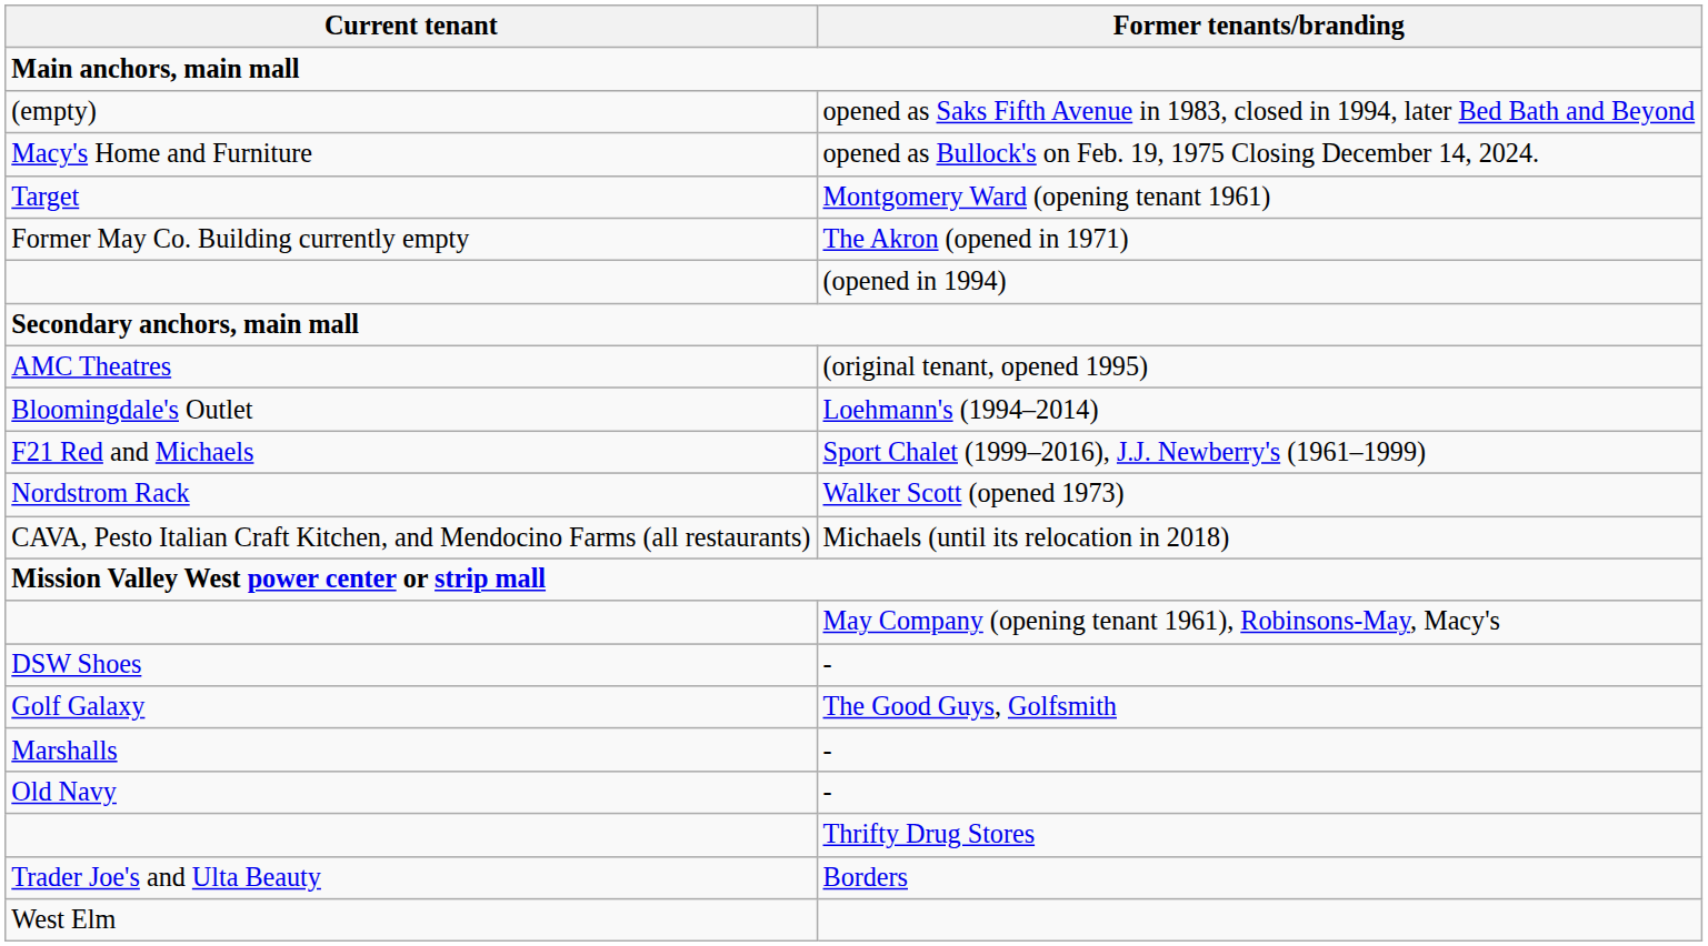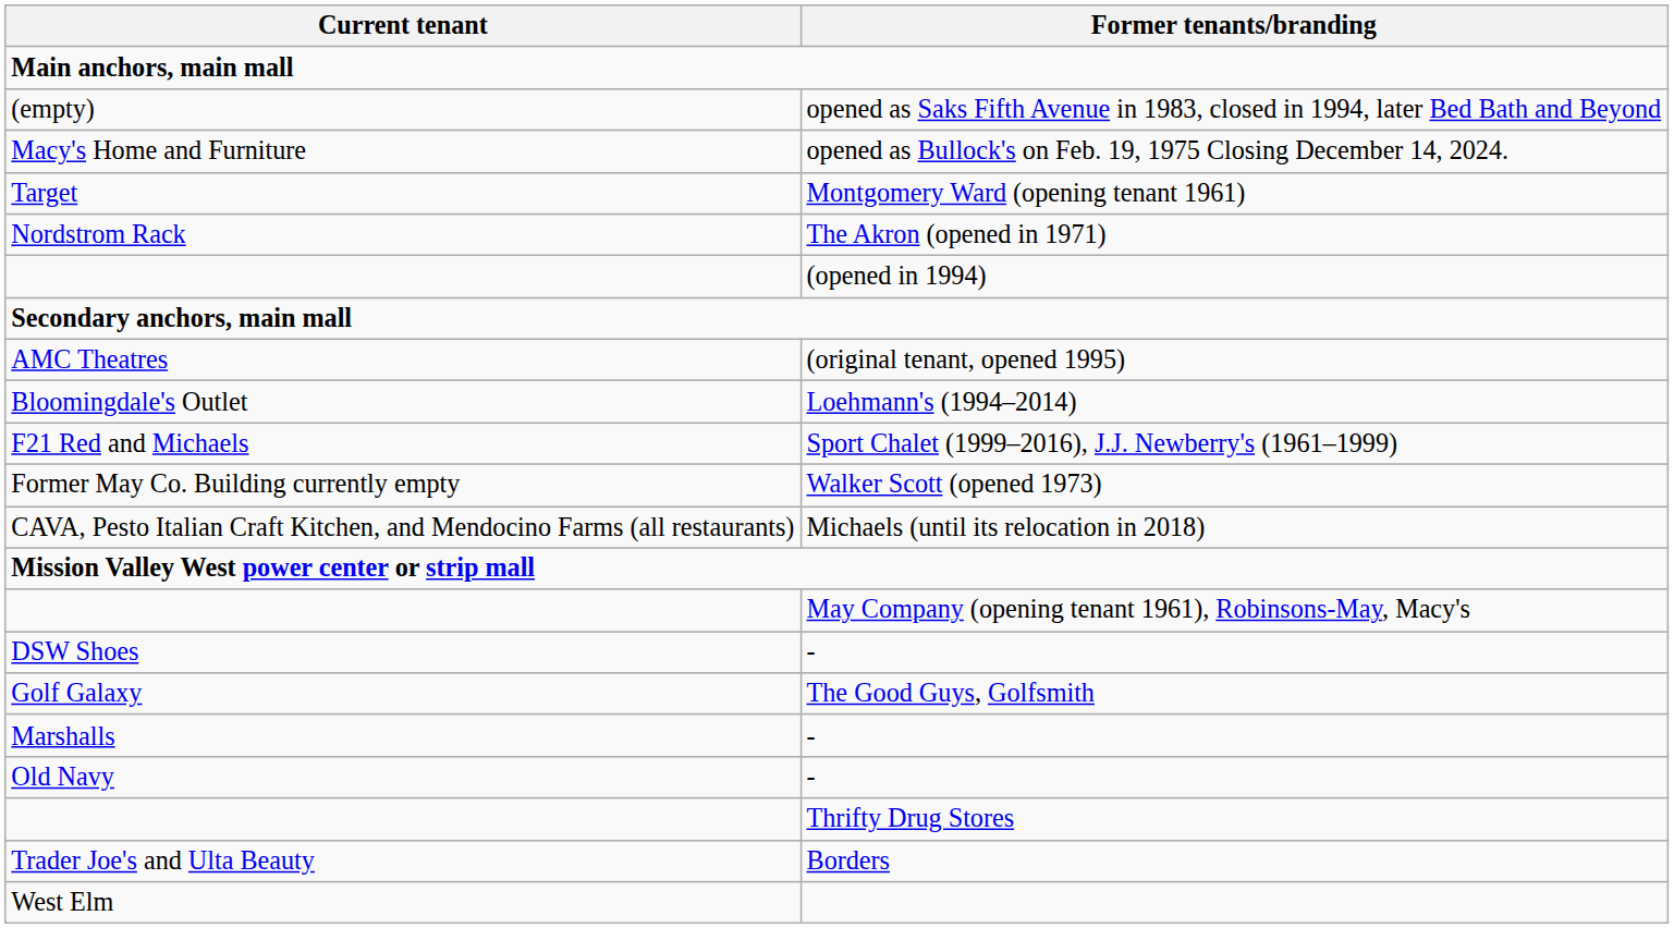 <table class="wikitable">
 <tr>
 <th #f2f2f2;>Current tenant</th>
 <th #f2f2f2;>Former tenants/branding</th>
 </tr>
 <tr>
 <td colspan="2"><strong>Main anchors, main mall</strong></td>
 </tr>
 <tr>
 <td>(empty)</td>
 <td>opened as <a href='#'>Saks Fifth Avenue</a> in 1983, closed in 1994, later <a href='#'>Bed Bath and Beyond</a></td>
 </tr>
 <tr>
 <td><a href='#'>Macy's</a> Home and Furniture</td>
 <td>opened as <a href='#'>Bullock's</a> on Feb. 19, 1975 Closing December 14, 2024.</td>
 </tr>
 <tr>
 <td><a href='#'>Target</a></td>
 <td><a href='#'>Montgomery Ward</a> (opening tenant 1961)</td>
 </tr>
 <tr>
-<td>Former May Co. Building currently empty<br></td>
+<td><a href='#'>Nordstrom Rack</a></td>
 <td><a href='#'>The Akron</a> (opened in 1971)</td>
 </tr>
 <tr>
 <td></td>
 <td>(opened in 1994)</td>
 </tr>
 <tr>
 <td colspan="2"><strong>Secondary anchors, main mall</strong></td>
 </tr>
 <tr>
 <td><a href='#'>AMC Theatres</a></td>
 <td>(original tenant, opened 1995)</td>
 </tr>
 <tr>
 <td><a href='#'>Bloomingdale's</a> Outlet</td>
 <td><a href='#'>Loehmann's</a> (1994–2014)</td>
 </tr>
 <tr>
 <td><a href='#'>F21 Red</a> and <a href='#'>Michaels</a></td>
 <td><a href='#'>Sport Chalet</a> (1999–2016), <a href='#'>J.J. Newberry's</a> (1961–1999)</td>
 </tr>
 <tr>
-<td><a href='#'>Nordstrom Rack</a></td>
+<td>Former May Co. Building currently empty<br></td>
 <td><a href='#'>Walker Scott</a> (opened 1973)</td>
 </tr>
 <tr>
 <td>CAVA, Pesto Italian Craft Kitchen, and Mendocino Farms (all restaurants)</td>
 <td>Michaels (until its relocation in 2018)</td>
 </tr>
 <tr>
 <td colspan="2"><strong>Mission Valley West <a href='#'>power center</a> or <a href='#'>strip mall</a></strong></td>
 </tr>
 <tr>
 <td></td>
 <td><a href='#'>May Company</a> (opening tenant 1961), <a href='#'>Robinsons-May</a>, Macy's</td>
 </tr>
 <tr>
 <td><a href='#'>DSW Shoes</a></td>
 <td>-</td>
 </tr>
 <tr>
 <td><a href='#'>Golf Galaxy</a></td>
 <td><a href='#'>The Good Guys</a>, <a href='#'>Golfsmith</a></td>
 </tr>
 <tr>
 <td><a href='#'>Marshalls</a></td>
 <td>-</td>
 </tr>
 <tr>
 <td><a href='#'>Old Navy</a></td>
 <td>-</td>
 </tr>
 <tr>
 <td></td>
 <td><a href='#'>Thrifty Drug Stores</a></td>
 </tr>
 <tr>
 <td><a href='#'>Trader Joe's</a> and <a href='#'>Ulta Beauty</a></td>
 <td><a href='#'>Borders</a></td>
 </tr>
 <tr>
 <td>West Elm</td>
 <td></td>
 </tr>
 </table>
